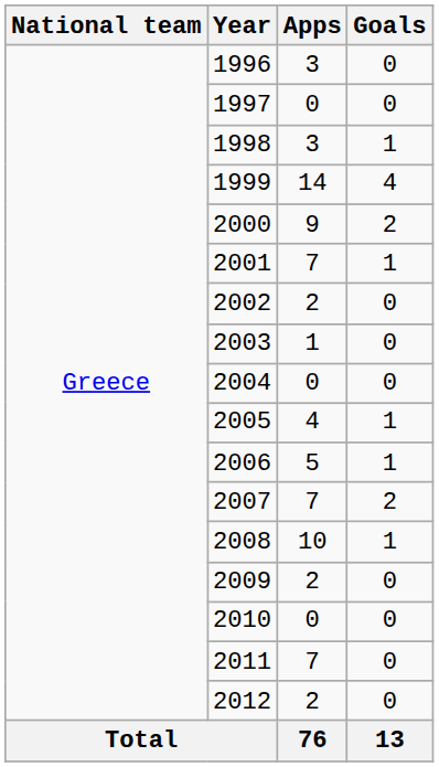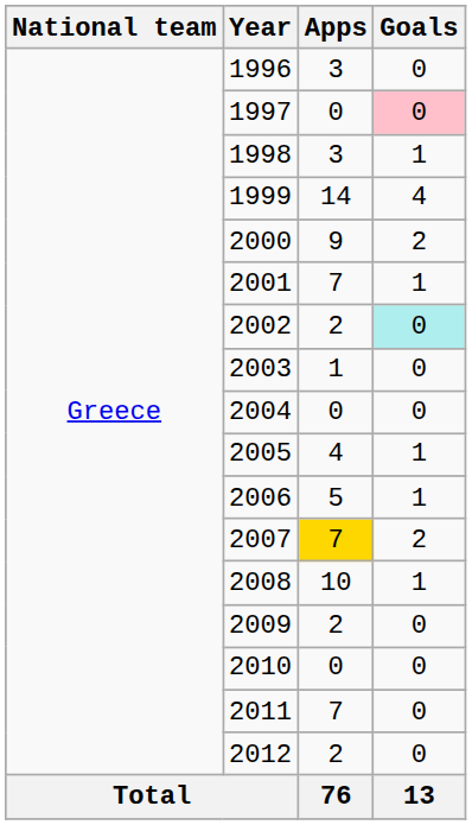 <table class="wikitable" style="text-align:center">
 <tr>
 <th>National team</th>
 <th>Year</th>
 <th>Apps</th>
 <th>Goals</th>
 </tr>
 <tr>
 <td rowspan="17"><a href='#'>Greece</a></td>
 <td>1996</td>
 <td>3</td>
 <td>0</td>
 </tr>
 <tr>
 <td>1997</td>
 <td>0</td>
-<td>0</td>
+<td style="background: pink;">0</td>
 </tr>
 <tr>
 <td>1998</td>
 <td>3</td>
 <td>1</td>
 </tr>
 <tr>
 <td>1999</td>
 <td>14</td>
 <td>4</td>
 </tr>
 <tr>
 <td>2000</td>
 <td>9</td>
 <td>2</td>
 </tr>
 <tr>
 <td>2001</td>
 <td>7</td>
 <td>1</td>
 </tr>
 <tr>
 <td>2002</td>
 <td>2</td>
-<td>0</td>
+<td style="background: paleturquoise;">0</td>
 </tr>
 <tr>
 <td>2003</td>
 <td>1</td>
 <td>0</td>
 </tr>
 <tr>
 <td>2004</td>
 <td>0</td>
 <td>0</td>
 </tr>
 <tr>
 <td>2005</td>
 <td>4</td>
 <td>1</td>
 </tr>
 <tr>
 <td>2006</td>
 <td>5</td>
 <td>1</td>
 </tr>
 <tr>
 <td>2007</td>
-<td>7</td>
+<td style="background: gold;">7</td>
 <td>2</td>
 </tr>
 <tr>
 <td>2008</td>
 <td>10</td>
 <td>1</td>
 </tr>
 <tr>
 <td>2009</td>
 <td>2</td>
 <td>0</td>
 </tr>
 <tr>
 <td>2010</td>
 <td>0</td>
 <td>0</td>
 </tr>
 <tr>
 <td>2011</td>
 <td>7</td>
 <td>0</td>
 </tr>
 <tr>
 <td>2012</td>
 <td>2</td>
 <td>0</td>
 </tr>
 <tr>
 <th colspan="2">Total</th>
 <th>76</th>
 <th>13</th>
 </tr>
 </table>
